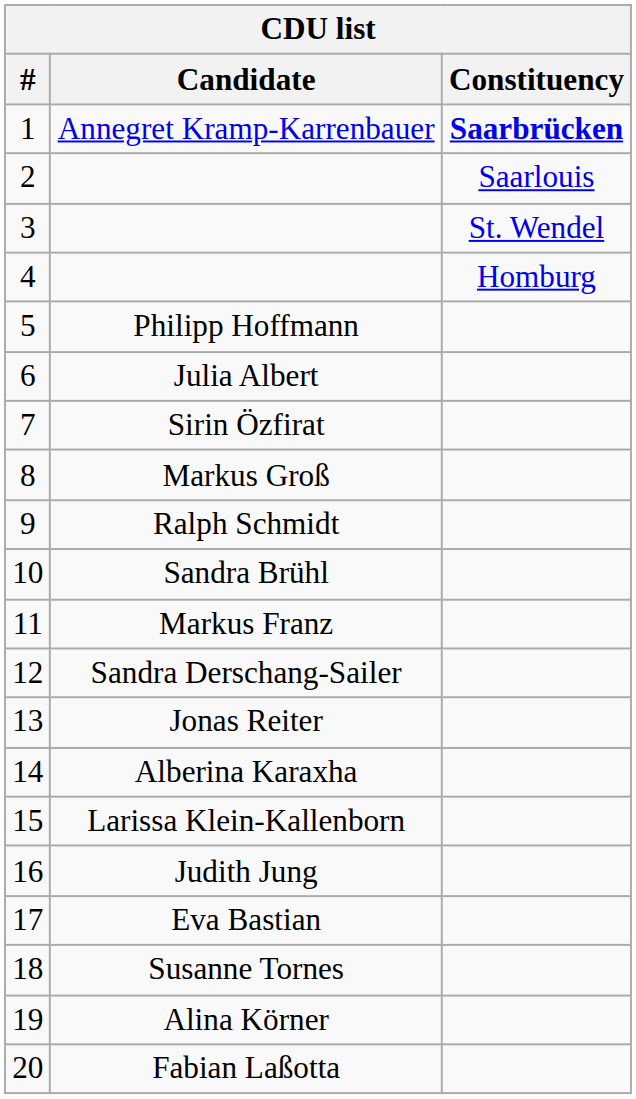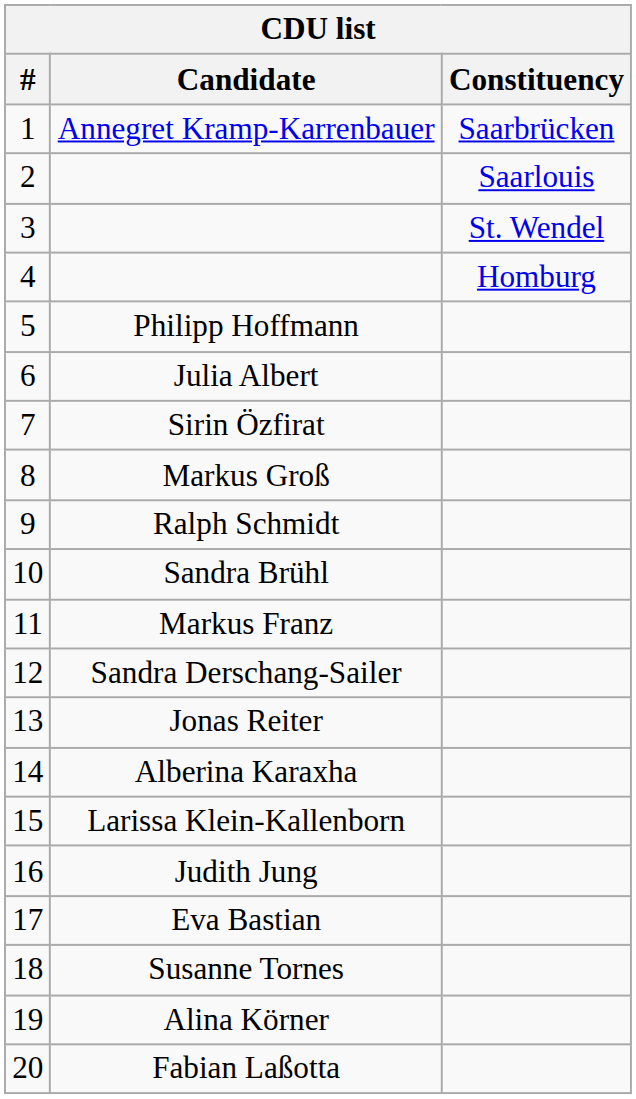 <table class="wikitable mw-collapsible mw-collapsed" style="text-align:center">
 <tr>
 <th colspan=3>CDU list</th>
 </tr>
 <tr>
 <th>#</th>
 <th>Candidate</th>
 <th>Constituency</th>
 </tr>
 <tr>
 <td>1</td>
 <td><a href='#'>Annegret Kramp-Karrenbauer</a></td>
-<td><strong><a href='#'>Saarbrücken</a></strong></td>
+<td><a href='#'>Saarbrücken</a></td>
 </tr>
 <tr>
 <td>2</td>
 <td></td>
 <td><a href='#'>Saarlouis</a></td>
 </tr>
 <tr>
 <td>3</td>
 <td></td>
 <td><a href='#'>St. Wendel</a></td>
 </tr>
 <tr>
 <td>4</td>
 <td></td>
 <td><a href='#'>Homburg</a></td>
 </tr>
 <tr>
 <td>5</td>
 <td>Philipp Hoffmann</td>
 <td></td>
 </tr>
 <tr>
 <td>6</td>
 <td>Julia Albert</td>
 <td></td>
 </tr>
 <tr>
 <td>7</td>
 <td>Sirin Özfirat</td>
 <td></td>
 </tr>
 <tr>
 <td>8</td>
 <td>Markus Groß</td>
 <td></td>
 </tr>
 <tr>
 <td>9</td>
 <td>Ralph Schmidt</td>
 <td></td>
 </tr>
 <tr>
 <td>10</td>
 <td>Sandra Brühl</td>
 <td></td>
 </tr>
 <tr>
 <td>11</td>
 <td>Markus Franz</td>
 <td></td>
 </tr>
 <tr>
 <td>12</td>
 <td>Sandra Derschang-Sailer</td>
 <td></td>
 </tr>
 <tr>
 <td>13</td>
 <td>Jonas Reiter</td>
 <td></td>
 </tr>
 <tr>
 <td>14</td>
 <td>Alberina Karaxha</td>
 <td></td>
 </tr>
 <tr>
 <td>15</td>
 <td>Larissa Klein-Kallenborn</td>
 <td></td>
 </tr>
 <tr>
 <td>16</td>
 <td>Judith Jung</td>
 <td></td>
 </tr>
 <tr>
 <td>17</td>
 <td>Eva Bastian</td>
 <td></td>
 </tr>
 <tr>
 <td>18</td>
 <td>Susanne Tornes</td>
 <td></td>
 </tr>
 <tr>
 <td>19</td>
 <td>Alina Körner</td>
 <td></td>
 </tr>
 <tr>
 <td>20</td>
 <td>Fabian Laßotta</td>
 </tr>
 </table>
